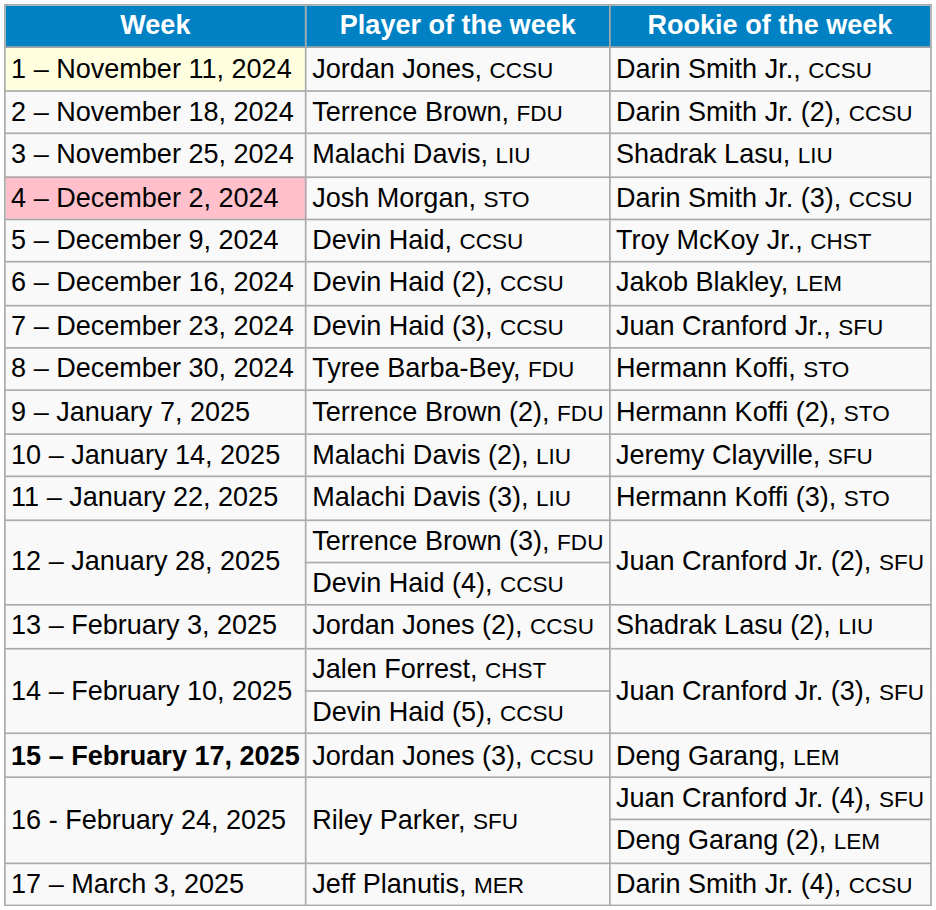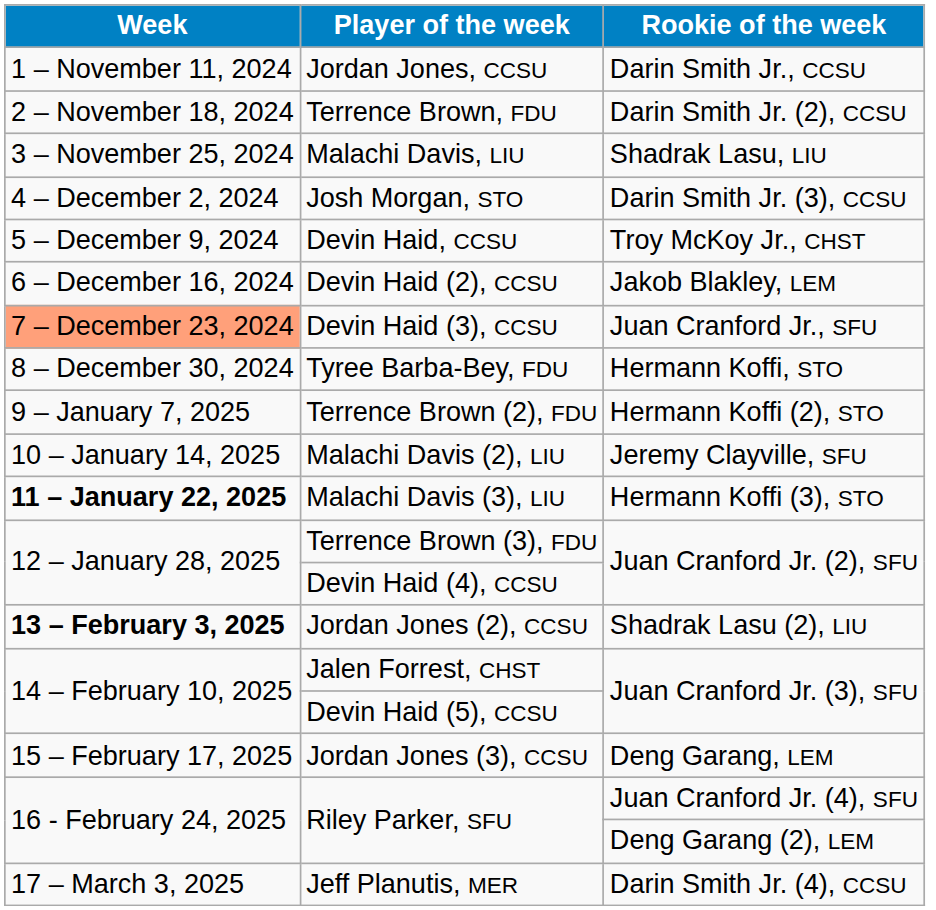 <table class="wikitable" border="1">
 <tr>
 <th align="center" style="background:#0081C4; color:#FFFFFF;">Week</th>
 <th align="center" style="background:#0081C4; color:#FFFFFF;">Player of the week</th>
 <th align="center" style="background:#0081C4; color:#FFFFFF;">Rookie of the week</th>
 </tr>
 <tr>
-<td style="background: lightyellow;">1 – November 11, 2024</td>
+<td>1 – November 11, 2024</td>
 <td>Jordan Jones, <small>CCSU</small></td>
 <td>Darin Smith Jr., <small>CCSU</small></td>
 </tr>
 <tr>
 <td>2 – November 18, 2024</td>
 <td>Terrence Brown, <small>FDU</small></td>
 <td>Darin Smith Jr. (2), <small>CCSU</small></td>
 </tr>
 <tr>
 <td>3 – November 25, 2024</td>
 <td>Malachi Davis, <small>LIU</small></td>
 <td>Shadrak Lasu, <small>LIU</small></td>
 </tr>
 <tr>
-<td style="background: pink;">4 – December 2, 2024</td>
+<td>4 – December 2, 2024</td>
 <td>Josh Morgan, <small>STO</small></td>
 <td>Darin Smith Jr. (3), <small>CCSU</small></td>
 </tr>
 <tr>
 <td>5 – December 9, 2024</td>
 <td>Devin Haid, <small>CCSU</small></td>
 <td>Troy McKoy Jr., <small>CHST</small></td>
 </tr>
 <tr>
 <td>6 – December 16, 2024</td>
 <td>Devin Haid (2), <small>CCSU</small></td>
 <td>Jakob Blakley, <small>LEM</small></td>
 </tr>
 <tr>
-<td>7 – December 23, 2024</td>
+<td style="background: lightsalmon;">7 – December 23, 2024</td>
 <td>Devin Haid (3), <small>CCSU</small></td>
 <td>Juan Cranford Jr., <small>SFU</small></td>
 </tr>
 <tr>
 <td>8 – December 30, 2024</td>
 <td>Tyree Barba-Bey, <small>FDU</small></td>
 <td>Hermann Koffi, <small>STO</small></td>
 </tr>
 <tr>
 <td>9 – January 7, 2025</td>
 <td>Terrence Brown (2), <small>FDU</small></td>
 <td>Hermann Koffi (2), <small>STO</small></td>
 </tr>
 <tr>
 <td>10 – January 14, 2025</td>
 <td>Malachi Davis (2), <small>LIU</small></td>
 <td>Jeremy Clayville, <small>SFU</small></td>
 </tr>
 <tr>
-<td>11 – January 22, 2025</td>
+<td><strong>11 – January 22, 2025</strong></td>
 <td>Malachi Davis (3), <small>LIU</small></td>
 <td>Hermann Koffi (3), <small>STO</small></td>
 </tr>
 <tr>
 <td rowspan="2">12 – January 28, 2025</td>
 <td>Terrence Brown (3), <small>FDU</small></td>
 <td rowspan="2">Juan Cranford Jr. (2), <small>SFU</small></td>
 </tr>
 <tr>
 <td>Devin Haid (4), <small>CCSU</small></td>
 </tr>
 <tr>
-<td>13 – February 3, 2025</td>
+<td><strong>13 – February 3, 2025</strong></td>
 <td>Jordan Jones (2), <small>CCSU</small></td>
 <td>Shadrak Lasu (2), <small>LIU</small></td>
 </tr>
 <tr>
 <td rowspan="2">14 – February 10, 2025</td>
 <td>Jalen Forrest, <small>CHST</small></td>
 <td rowspan="2">Juan Cranford Jr. (3), <small>SFU</small></td>
 </tr>
 <tr>
 <td>Devin Haid (5), <small>CCSU</small></td>
 </tr>
 <tr>
-<td><strong>15 – February 17, 2025</strong></td>
+<td>15 – February 17, 2025</td>
 <td>Jordan Jones (3), <small>CCSU</small></td>
 <td>Deng Garang, <small>LEM</small></td>
 </tr>
 <tr>
 <td rowspan="2">16 - February 24, 2025</td>
 <td rowspan="2">Riley Parker, <small>SFU</small></td>
 <td>Juan Cranford Jr. (4), <small>SFU</small></td>
 </tr>
 <tr>
 <td>Deng Garang (2), <small>LEM</small></td>
 </tr>
 <tr>
 <td>17 – March 3, 2025</td>
 <td>Jeff Planutis, <small>MER</small></td>
 <td>Darin Smith Jr. (4), <small>CCSU</small></td>
 </tr>
 <tr>
 </tr>
 </table>
